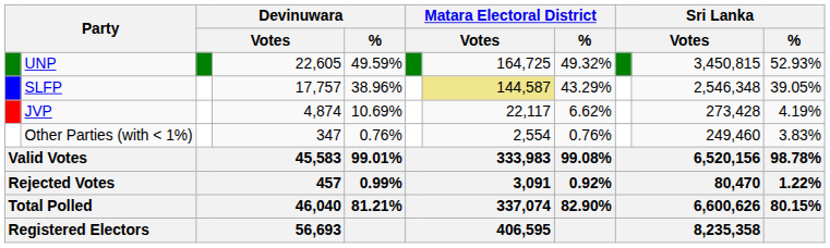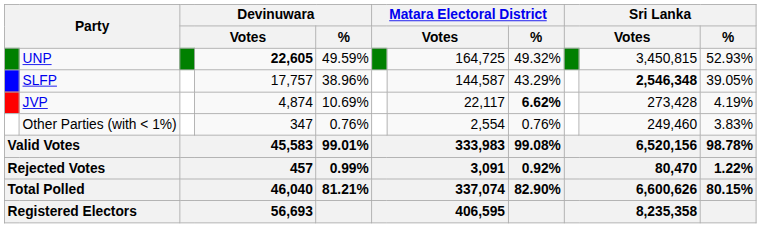 <table class="wikitable">
 <tr>
 <th colspan="2" width="144px"rowspan="2">Party</th>
 <th colspan="3" width="216px">Devinuwara</th>
 <th colspan="3" width="216px"><a href='#'>Matara Electoral District</a></th>
 <th colspan="3" width="216px">Sri Lanka</th>
 </tr>
 <tr>
 <th colspan="2" width="144px">Votes</th>
 <th>%</th>
 <th colspan="2" width="144px">Votes</th>
 <th>%</th>
 <th colspan="2" width="144px">Votes</th>
 <th>%</th>
 </tr>
 <tr>
 <td style="background-color:green;" width="10px"></td>
 <td style="text-align:left;"><a href='#'>UNP</a></td>
 <td style="background-color:green;" width="10px"></td>
-<td style="text-align:right;">22,605</td>
+<td style="text-align:right;"><strong>22,605</strong></td>
 <td style="text-align:right;">49.59%</td>
 <td style="background-color:green;" width="10px"></td>
 <td style="text-align:right;">164,725</td>
 <td style="text-align:right;">49.32%</td>
 <td style="background-color:green;" width="10px"></td>
 <td style="text-align:right;">3,450,815</td>
 <td style="text-align:right;">52.93%</td>
 </tr>
 <tr>
 <td style="background-color:blue;" width="10px"></td>
 <td style="text-align:left;"><a href='#'>SLFP</a></td>
 <td style="background-color:white;" width="10px"></td>
 <td style="text-align:right;">17,757</td>
 <td style="text-align:right;">38.96%</td>
 <td style="background-color:white;" width="10px"></td>
-<td style="background: khaki; text-align:right;">144,587</td>
+<td style="text-align:right;">144,587</td>
 <td style="text-align:right;">43.29%</td>
 <td style="background-color:white;" width="10px"></td>
-<td style="text-align:right;">2,546,348</td>
+<td style="text-align:right;"><strong>2,546,348</strong></td>
 <td style="text-align:right;">39.05%</td>
 </tr>
 <tr>
 <td style="background-color:red;" width="10px"></td>
 <td style="text-align:left;"><a href='#'>JVP</a></td>
 <td style="background-color:white;" width="10px"></td>
 <td style="text-align:right;">4,874</td>
 <td style="text-align:right;">10.69%</td>
 <td style="background-color:white;" width="10px"></td>
 <td style="text-align:right;">22,117</td>
-<td style="text-align:right;">6.62%</td>
+<td style="text-align:right;"><strong>6.62%</strong></td>
 <td style="background-color:white;" width="10px"></td>
 <td style="text-align:right;">273,428</td>
 <td style="text-align:right;">4.19%</td>
 </tr>
 <tr>
 <td style="background-color:white;" width="10px"></td>
 <td style="text-align:left;">Other Parties (with < 1%)</td>
 <td style="background-color:white;" width="10px"></td>
 <td style="text-align:right;">347</td>
 <td style="text-align:right;">0.76%</td>
 <td style="background-color:white;" width="10px"></td>
 <td style="text-align:right;">2,554</td>
 <td style="text-align:right;">0.76%</td>
 <td style="background-color:white;" width="10px"></td>
 <td style="text-align:right;">249,460</td>
 <td style="text-align:right;">3.83%</td>
 </tr>
 <tr>
 <th colspan="2" width="144px"style="text-align:left;">Valid Votes</th>
 <th style="text-align:right;"colspan="2" width="144px">45,583</th>
 <th style="text-align:right;">99.01%</th>
 <th style="text-align:right;"colspan="2" width="144px">333,983</th>
 <th style="text-align:right;">99.08%</th>
 <th style="text-align:right;"colspan="2" width="144px">6,520,156</th>
 <th style="text-align:right;">98.78%</th>
 </tr>
 <tr>
 <th colspan="2" width="144px"style="text-align:left;">Rejected Votes</th>
 <th style="text-align:right;"colspan="2" width="144px">457</th>
 <th style="text-align:right;">0.99%</th>
 <th style="text-align:right;"colspan="2" width="144px">3,091</th>
 <th style="text-align:right;">0.92%</th>
 <th style="text-align:right;"colspan="2" width="144px">80,470</th>
 <th style="text-align:right;">1.22%</th>
 </tr>
 <tr>
 <th colspan="2" width="144px"style="text-align:left;">Total Polled</th>
 <th style="text-align:right;"colspan="2" width="144px">46,040</th>
 <th style="text-align:right;">81.21%</th>
 <th style="text-align:right;"colspan="2" width="144px">337,074</th>
 <th style="text-align:right;">82.90%</th>
 <th style="text-align:right;"colspan="2" width="144px">6,600,626</th>
 <th style="text-align:right;">80.15%</th>
 </tr>
 <tr>
 <th colspan="2" width="144px"style="text-align:left;">Registered Electors</th>
 <th style="text-align:right;"colspan="2" width="144px">56,693</th>
 <th></th>
 <th style="text-align:right;"colspan="2" width="144px">406,595</th>
 <th></th>
 <th style="text-align:right;"colspan="2" width="144px">8,235,358</th>
 <th></th>
 </tr>
 </table>
